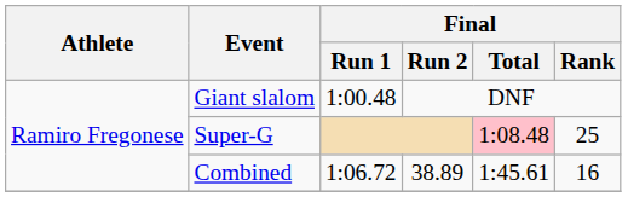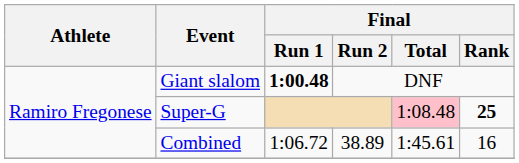 <table class="wikitable">
 <tr>
 <th rowspan="2">Athlete</th>
 <th rowspan="2">Event</th>
 <th colspan="4">Final</th>
 </tr>
 <tr>
 <th>Run 1</th>
 <th>Run 2</th>
 <th>Total</th>
 <th>Rank</th>
 </tr>
 <tr>
 <td rowspan=3><a href='#'>Ramiro Fregonese</a></td>
 <td><a href='#'>Giant slalom</a></td>
-<td align="center">1:00.48</td>
+<td align="center"><strong>1:00.48</strong></td>
 <td align="center" colspan=3>DNF</td>
 </tr>
 <tr>
 <td><a href='#'>Super-G</a></td>
 <td colspan=2 bgcolor="wheat"></td>
 <td align="center" style="background: pink;">1:08.48</td>
-<td align="center">25</td>
+<td align="center"><strong>25</strong></td>
 </tr>
 <tr>
 <td><a href='#'>Combined</a></td>
 <td align="center">1:06.72</td>
 <td align="center">38.89</td>
 <td align="center">1:45.61</td>
 <td align="center">16</td>
 </tr>
 <tr>
 </tr>
 </table>
